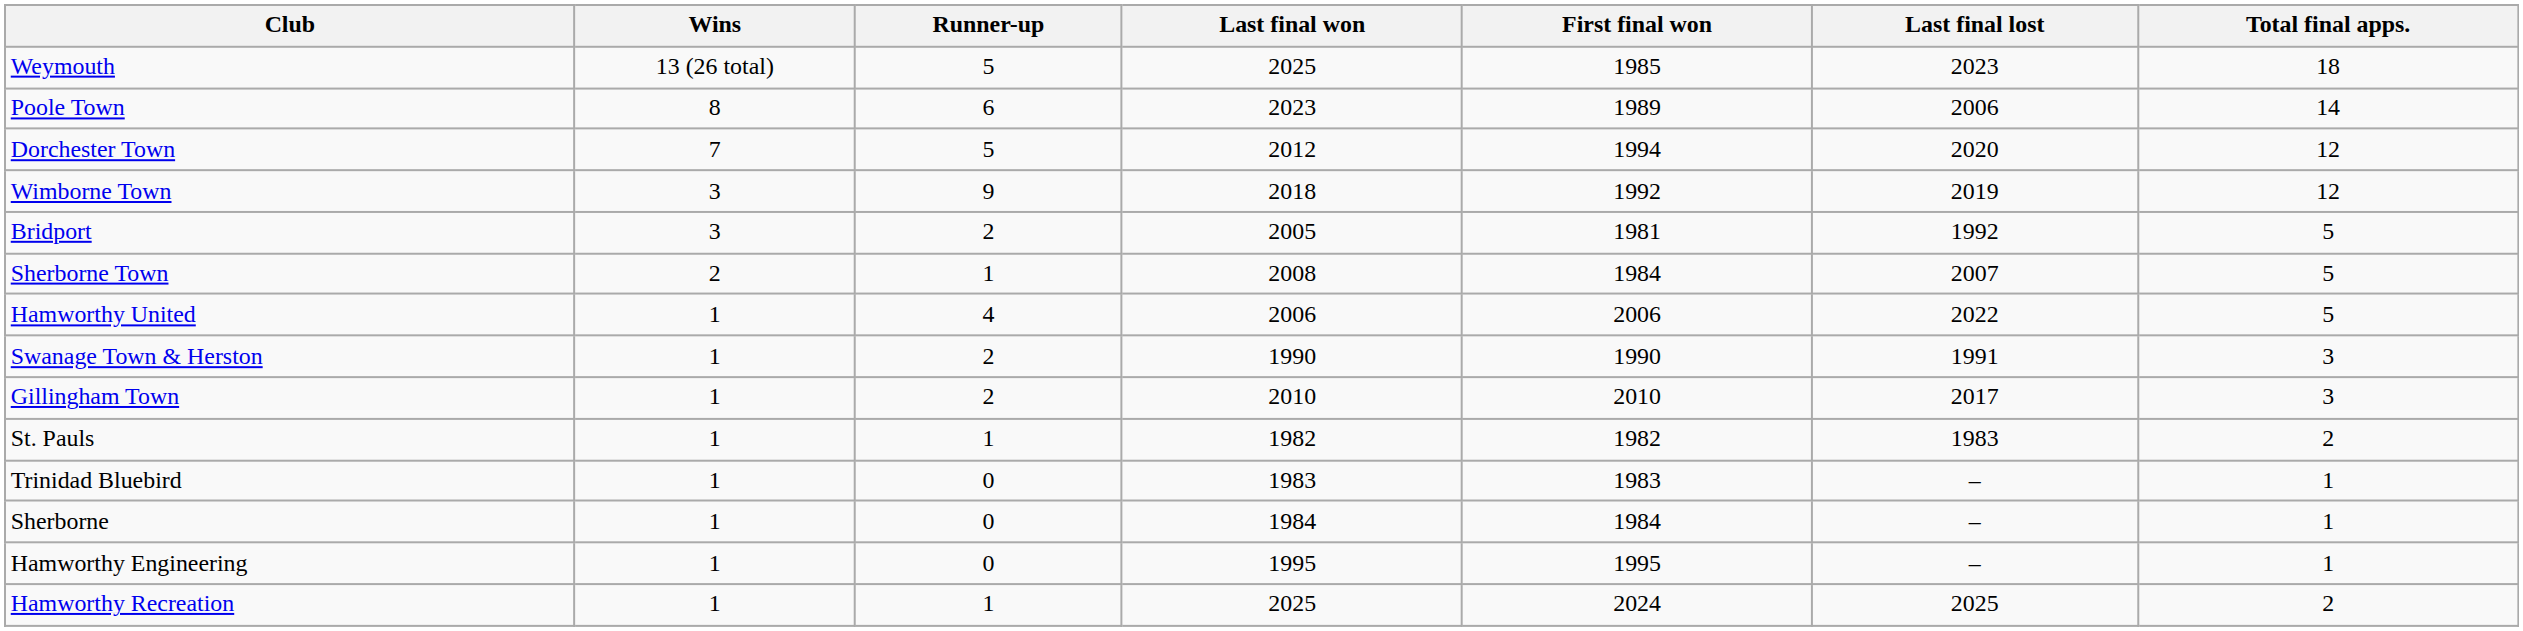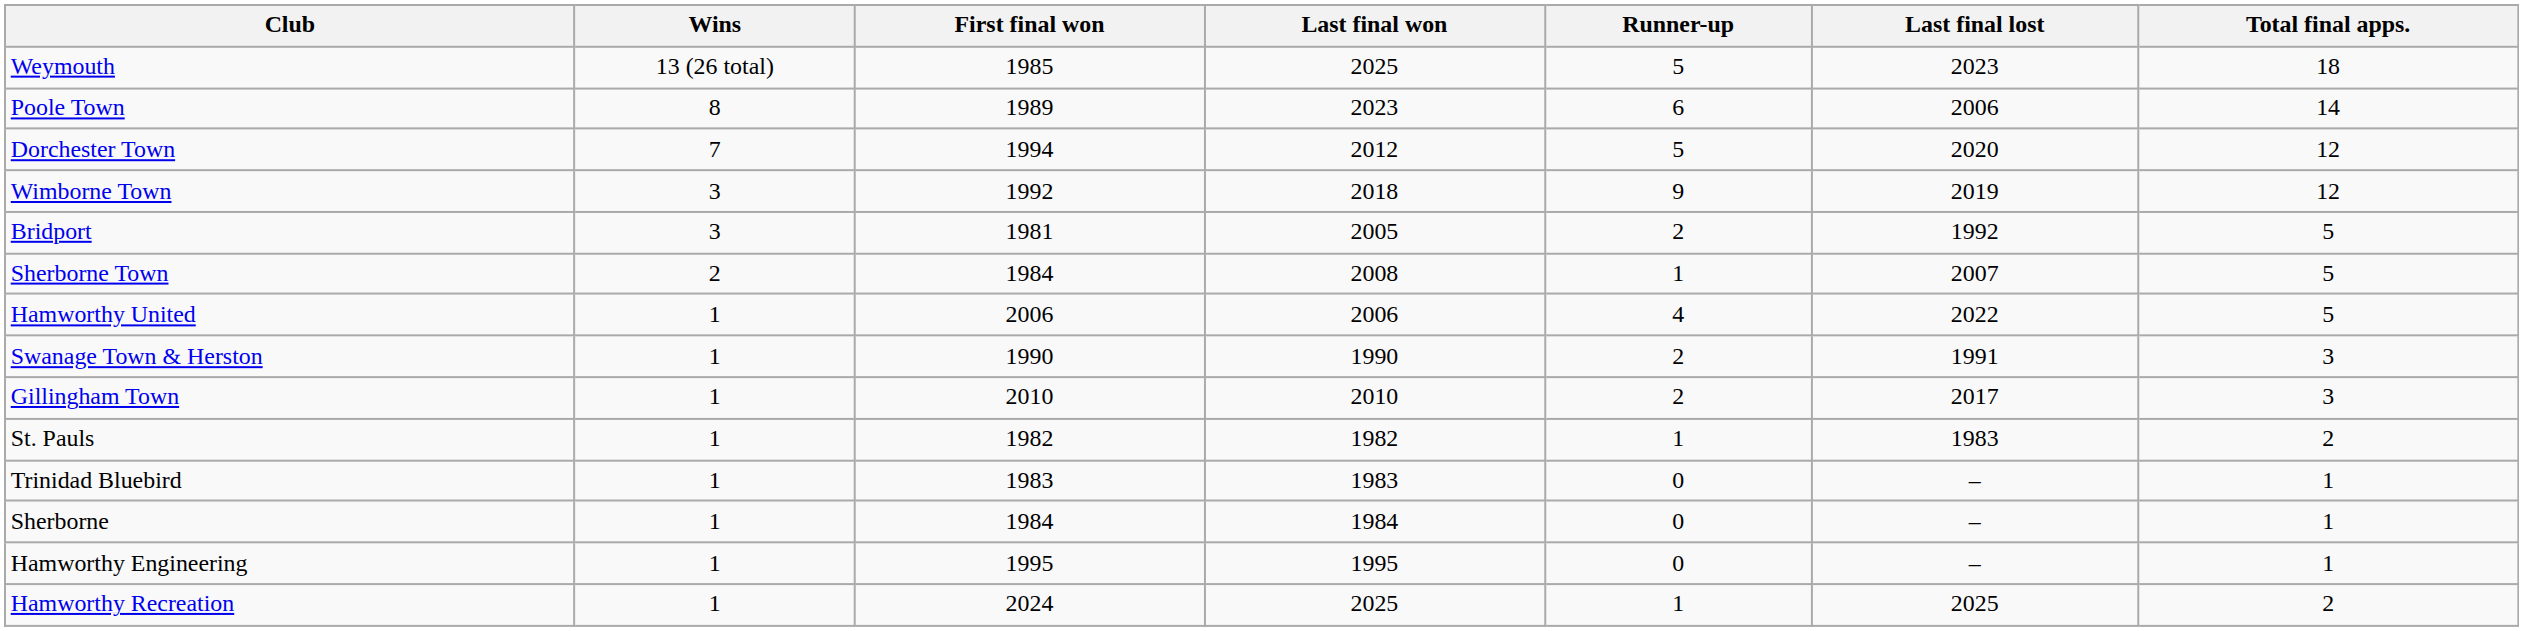 <table class="wikitable sortable" style="text-align: center; width: 100%; font-size: 12px">
 <tr>
 <th>Club</th>
 <th>Wins</th>
+<th>First final won</th>
+<th>Last final won</th>
 <th>Runner-up</th>
-<th>Last final won</th>
-<th>First final won</th>
 <th>Last final lost</th>
 <th>Total final apps.</th>
 </tr>
 <tr>
 <td style="text-align: left"><a href='#'>Weymouth</a></td>
 <td>13 (26 total)</td>
+<td>1985</td>
+<td>2025</td>
 <td>5</td>
-<td>2025</td>
-<td>1985</td>
 <td>2023</td>
 <td>18</td>
 </tr>
 <tr>
 <td style="text-align: left"><a href='#'>Poole Town</a></td>
 <td>8</td>
+<td>1989</td>
+<td>2023</td>
 <td>6</td>
-<td>2023</td>
-<td>1989</td>
 <td>2006</td>
 <td>14</td>
 </tr>
 <tr>
 <td style="text-align: left"><a href='#'>Dorchester Town</a></td>
 <td>7</td>
+<td>1994</td>
+<td>2012</td>
 <td>5</td>
-<td>2012</td>
-<td>1994</td>
 <td>2020</td>
 <td>12</td>
 </tr>
 <tr>
 <td style="text-align: left"><a href='#'>Wimborne Town</a></td>
 <td>3</td>
+<td>1992</td>
+<td>2018</td>
 <td>9</td>
-<td>2018</td>
-<td>1992</td>
 <td>2019</td>
 <td>12</td>
 </tr>
 <tr>
 <td style="text-align: left"><a href='#'>Bridport</a></td>
 <td>3</td>
+<td>1981</td>
+<td>2005</td>
 <td>2</td>
-<td>2005</td>
-<td>1981</td>
 <td>1992</td>
 <td>5</td>
 </tr>
 <tr>
 <td style="text-align: left"><a href='#'>Sherborne Town</a></td>
 <td>2</td>
+<td>1984</td>
+<td>2008</td>
 <td>1</td>
-<td>2008</td>
-<td>1984</td>
 <td>2007</td>
 <td>5</td>
 </tr>
 <tr>
 <td style="text-align: left"><a href='#'>Hamworthy United</a></td>
 <td>1</td>
-<td>4</td>
 <td>2006</td>
 <td>2006</td>
+<td>4</td>
 <td>2022</td>
 <td>5</td>
 </tr>
 <tr>
 <td style="text-align: left"><a href='#'>Swanage Town & Herston</a></td>
 <td>1</td>
-<td>2</td>
 <td>1990</td>
 <td>1990</td>
+<td>2</td>
 <td>1991</td>
 <td>3</td>
 </tr>
 <tr>
 <td style="text-align: left"><a href='#'>Gillingham Town</a></td>
 <td>1</td>
-<td>2</td>
 <td>2010</td>
 <td>2010</td>
+<td>2</td>
 <td>2017</td>
 <td>3</td>
 </tr>
 <tr>
 <td style="text-align: left">St. Pauls</td>
 <td>1</td>
-<td>1</td>
 <td>1982</td>
 <td>1982</td>
+<td>1</td>
 <td>1983</td>
 <td>2</td>
 </tr>
 <tr>
 <td style="text-align: left">Trinidad Bluebird</td>
 <td>1</td>
-<td>0</td>
 <td>1983</td>
 <td>1983</td>
+<td>0</td>
 <td>–</td>
 <td>1</td>
 </tr>
 <tr>
 <td style="text-align: left">Sherborne</td>
 <td>1</td>
-<td>0</td>
 <td>1984</td>
 <td>1984</td>
+<td>0</td>
 <td>–</td>
 <td>1</td>
 </tr>
 <tr>
 <td style="text-align: left">Hamworthy Engineering</td>
 <td>1</td>
-<td>0</td>
 <td>1995</td>
 <td>1995</td>
+<td>0</td>
 <td>–</td>
 <td>1</td>
 </tr>
 <tr>
 <td style="text-align: left"><a href='#'>Hamworthy Recreation</a></td>
 <td>1</td>
+<td>2024</td>
+<td>2025</td>
 <td>1</td>
-<td>2025</td>
-<td>2024</td>
 <td>2025</td>
 <td>2</td>
 </tr>
 </table>
